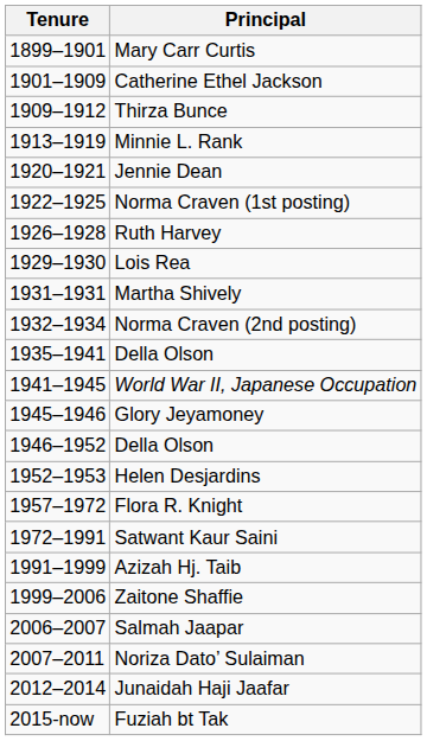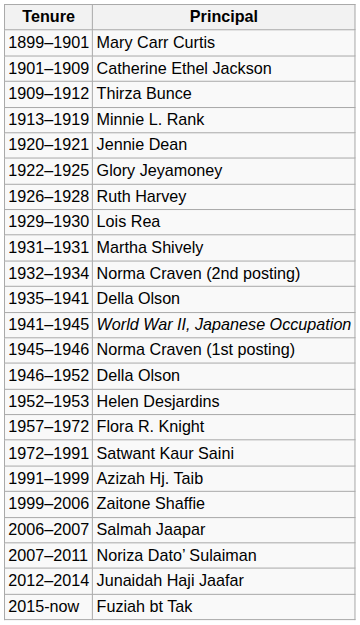 <table class=wikitable>
 <tr>
 <th>Tenure</th>
 <th>Principal</th>
 </tr>
 <tr>
 <td>1899–1901</td>
 <td>Mary Carr Curtis</td>
 </tr>
 <tr>
 <td>1901–1909</td>
 <td>Catherine Ethel Jackson</td>
 </tr>
 <tr>
 <td>1909–1912</td>
 <td>Thirza Bunce</td>
 </tr>
 <tr>
 <td>1913–1919</td>
 <td>Minnie L. Rank</td>
 </tr>
 <tr>
 <td>1920–1921</td>
 <td>Jennie Dean</td>
 </tr>
 <tr>
 <td>1922–1925</td>
-<td>Norma Craven (1st posting)</td>
+<td>Glory Jeyamoney</td>
 </tr>
 <tr>
 <td>1926–1928</td>
 <td>Ruth Harvey</td>
 </tr>
 <tr>
 <td>1929–1930</td>
 <td>Lois Rea</td>
 </tr>
 <tr>
 <td>1931–1931</td>
 <td>Martha Shively</td>
 </tr>
 <tr>
 <td>1932–1934</td>
 <td>Norma Craven (2nd posting)</td>
 </tr>
 <tr>
 <td>1935–1941</td>
 <td>Della Olson</td>
 </tr>
 <tr>
 <td>1941–1945</td>
 <td><em>World War II, Japanese Occupation</em></td>
 </tr>
 <tr>
 <td>1945–1946</td>
-<td>Glory Jeyamoney</td>
+<td>Norma Craven (1st posting)</td>
 </tr>
 <tr>
 <td>1946–1952</td>
 <td>Della Olson</td>
 </tr>
 <tr>
 <td>1952–1953</td>
 <td>Helen Desjardins</td>
 </tr>
 <tr>
 <td>1957–1972</td>
 <td>Flora R. Knight</td>
 </tr>
 <tr>
 <td>1972–1991</td>
 <td>Satwant Kaur Saini</td>
 </tr>
 <tr>
 <td>1991–1999</td>
 <td>Azizah Hj. Taib</td>
 </tr>
 <tr>
 <td>1999–2006</td>
 <td>Zaitone Shaffie</td>
 </tr>
 <tr>
 <td>2006–2007</td>
 <td>Salmah Jaapar</td>
 </tr>
 <tr>
 <td>2007–2011</td>
 <td>Noriza Dato’ Sulaiman</td>
 </tr>
 <tr>
 <td>2012–2014</td>
 <td>Junaidah Haji Jaafar</td>
 </tr>
 <tr>
 <td>2015-now</td>
 <td>Fuziah bt Tak</td>
 </tr>
 </table>
